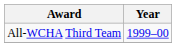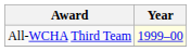 <table class="wikitable">
 <tr>
 <th>Award</th>
 <th>Year</th>
 </tr>
 <tr>
 <td>All-<a href='#'>WCHA</a> <a href='#'>Third Team</a></td>
-<td><a href='#'>1999–00</a></td>
+<td style="background: lightyellow;"><a href='#'>1999–00</a></td>
 </tr>
 <tr>
 </tr>
 </table>
